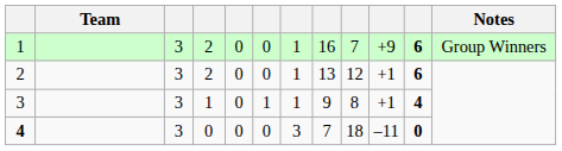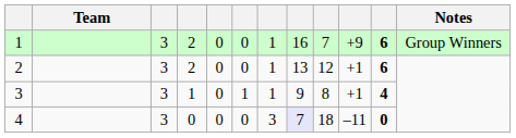 <table class="wikitable" style="text-align: center; font-size: 97%;">
 <tr>
 <th width="20"></th>
 <th width="110">Team</th>
 <th width="18"></th>
 <th width="22"></th>
 <th width="18"></th>
 <th width="18"></th>
 <th width="22"></th>
 <th width="18"></th>
 <th width="18"></th>
 <th width="25"></th>
 <th width="18"></th>
 <th width="105">Notes</th>
 </tr>
 <tr style="background-color: #ccffcc;">
 <td>1</td>
 <td align=left></td>
 <td>3</td>
 <td>2</td>
 <td>0</td>
 <td>0</td>
 <td>1</td>
 <td>16</td>
 <td>7</td>
 <td>+9</td>
 <td><strong>6</strong></td>
 <td>Group Winners</td>
 </tr>
 <tr>
 <td>2</td>
 <td align=left></td>
 <td>3</td>
 <td>2</td>
 <td>0</td>
 <td>0</td>
 <td>1</td>
 <td>13</td>
 <td>12</td>
 <td>+1</td>
 <td><strong>6</strong></td>
 <td rowspan="3"></td>
 </tr>
 <tr>
 <td>3</td>
 <td align=left></td>
 <td>3</td>
 <td>1</td>
 <td>0</td>
 <td>1</td>
 <td>1</td>
 <td>9</td>
 <td>8</td>
 <td>+1</td>
 <td><strong>4</strong></td>
 </tr>
 <tr>
-<td><strong>4</strong></td>
+<td>4</td>
 <td align=left></td>
 <td>3</td>
 <td>0</td>
 <td>0</td>
 <td>0</td>
 <td>3</td>
-<td>7</td>
+<td style="background: lavender;">7</td>
 <td>18</td>
 <td>–11</td>
 <td><strong>0</strong></td>
 </tr>
 </table>
